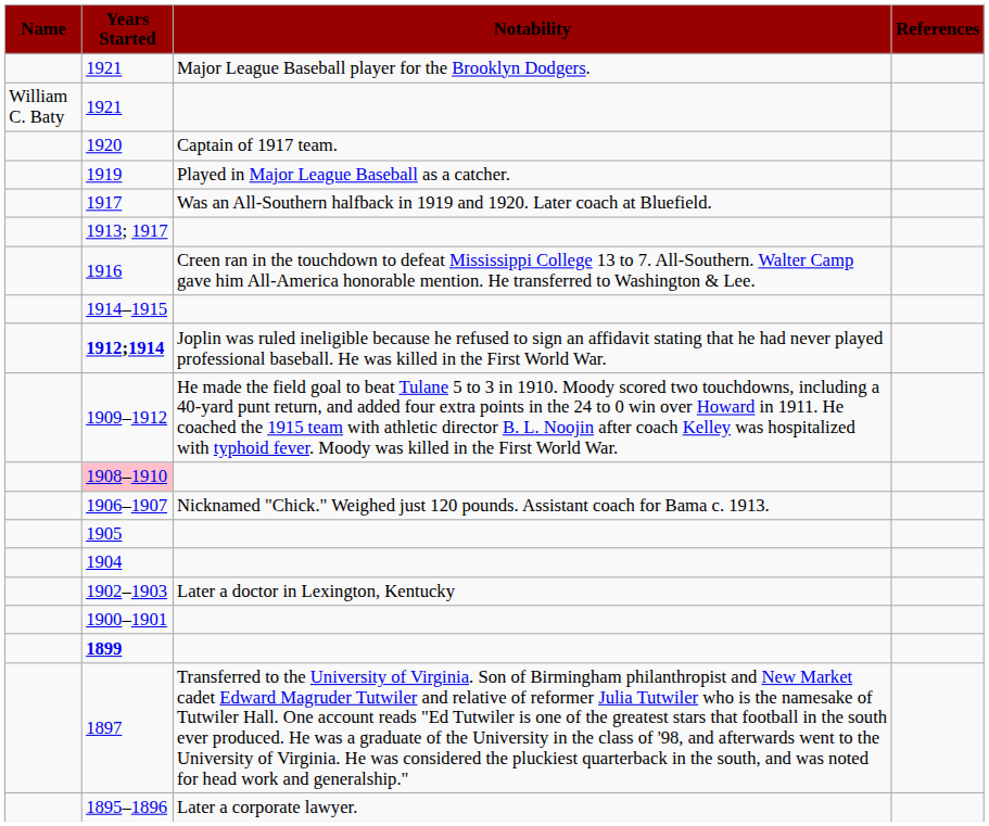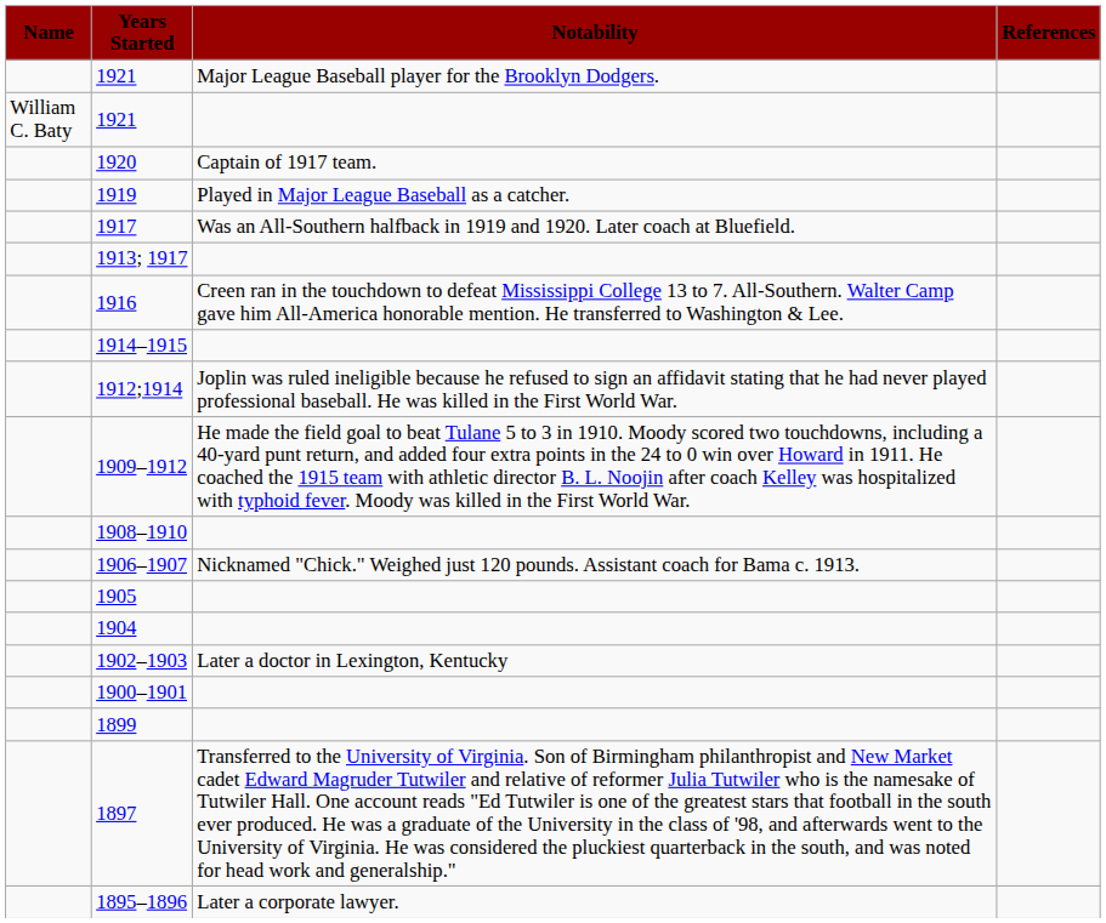 <table class="wikitable sortable" style="text-align:left;">
 <tr>
 <th style="background:#990000;"><span>Name</span></th>
 <th style="background:#990000;"><span>Years Started</span></th>
 <th style="background:#990000;"><span>Notability</span></th>
 <th style="background:#990000;"><span>References</span></th>
 </tr>
 <tr>
 <td></td>
 <td><a href='#'>1921</a></td>
 <td>Major League Baseball player for the <a href='#'>Brooklyn Dodgers</a>.</td>
 <td></td>
 </tr>
 <tr>
 <td>William C. Baty</td>
 <td><a href='#'>1921</a></td>
 <td></td>
 <td></td>
 </tr>
 <tr>
 <td></td>
 <td><a href='#'>1920</a></td>
 <td>Captain of 1917 team.</td>
 <td></td>
 </tr>
 <tr>
 <td></td>
 <td><a href='#'>1919</a></td>
 <td>Played in <a href='#'>Major League Baseball</a> as a catcher.</td>
 <td></td>
 </tr>
 <tr>
 <td></td>
 <td><a href='#'>1917</a></td>
 <td>Was an All-Southern halfback in 1919 and 1920. Later coach at Bluefield.</td>
 <td></td>
 </tr>
 <tr>
 <td></td>
 <td><a href='#'>1913</a>; <a href='#'>1917</a></td>
 <td></td>
 <td></td>
 </tr>
 <tr>
 <td></td>
 <td><a href='#'>1916</a></td>
 <td>Creen ran in the touchdown to defeat <a href='#'>Mississippi College</a> 13 to 7. All-Southern. <a href='#'>Walter Camp</a> gave him All-America honorable mention. He transferred to Washington & Lee.</td>
 <td></td>
 </tr>
 <tr>
 <td></td>
 <td><a href='#'>1914</a>–<a href='#'>1915</a></td>
 <td></td>
 <td></td>
 </tr>
 <tr>
 <td></td>
-<td><strong><a href='#'>1912</a>;<a href='#'>1914</a></strong></td>
+<td><a href='#'>1912</a>;<a href='#'>1914</a></td>
 <td>Joplin was ruled ineligible because he refused to sign an affidavit stating that he had never played professional baseball. He was killed in the First World War.</td>
 <td></td>
 </tr>
 <tr>
 <td></td>
 <td><a href='#'>1909</a>–<a href='#'>1912</a></td>
 <td>He made the field goal to beat <a href='#'>Tulane</a> 5 to 3 in 1910. Moody scored two touchdowns, including a 40-yard punt return, and added four extra points in the 24 to 0 win over <a href='#'>Howard</a> in 1911. He coached the <a href='#'>1915 team</a> with athletic director <a href='#'>B. L. Noojin</a> after coach <a href='#'>Kelley</a> was hospitalized with <a href='#'>typhoid fever</a>. Moody was killed in the First World War.</td>
 <td></td>
 </tr>
 <tr>
 <td></td>
-<td style="background: pink;"><a href='#'>1908</a>–<a href='#'>1910</a></td>
+<td><a href='#'>1908</a>–<a href='#'>1910</a></td>
 <td></td>
 <td></td>
 </tr>
 <tr>
 <td></td>
 <td><a href='#'>1906</a>–<a href='#'>1907</a></td>
 <td>Nicknamed "Chick." Weighed just 120 pounds. Assistant coach for Bama c. 1913.</td>
 <td></td>
 </tr>
 <tr>
 <td></td>
 <td><a href='#'>1905</a></td>
 <td></td>
 <td></td>
 </tr>
 <tr>
 <td></td>
 <td><a href='#'>1904</a></td>
 <td></td>
 <td></td>
 </tr>
 <tr>
 <td></td>
 <td><a href='#'>1902</a>–<a href='#'>1903</a></td>
 <td>Later a doctor in Lexington, Kentucky</td>
 <td></td>
 </tr>
 <tr>
 <td></td>
 <td><a href='#'>1900</a>–<a href='#'>1901</a></td>
 <td></td>
 <td></td>
 </tr>
 <tr>
 <td></td>
-<td><strong><a href='#'>1899</a></strong></td>
+<td><a href='#'>1899</a></td>
 <td></td>
 <td></td>
 </tr>
 <tr>
 <td></td>
 <td><a href='#'>1897</a></td>
 <td>Transferred to the <a href='#'>University of Virginia</a>. Son of Birmingham philanthropist and <a href='#'>New Market</a> cadet <a href='#'>Edward Magruder Tutwiler</a> and relative of reformer <a href='#'>Julia Tutwiler</a> who is the namesake of Tutwiler Hall. One account reads "Ed Tutwiler is one of the greatest stars that football in the south ever produced. He was a graduate of the University in the class of '98, and afterwards went to the University of Virginia. He was considered the pluckiest quarterback in the south, and was noted for head work and generalship."</td>
 <td></td>
 </tr>
 <tr>
 <td></td>
 <td><a href='#'>1895</a>–<a href='#'>1896</a></td>
 <td>Later a corporate lawyer.</td>
 <td></td>
 </tr>
 <tr>
 </tr>
 </table>
